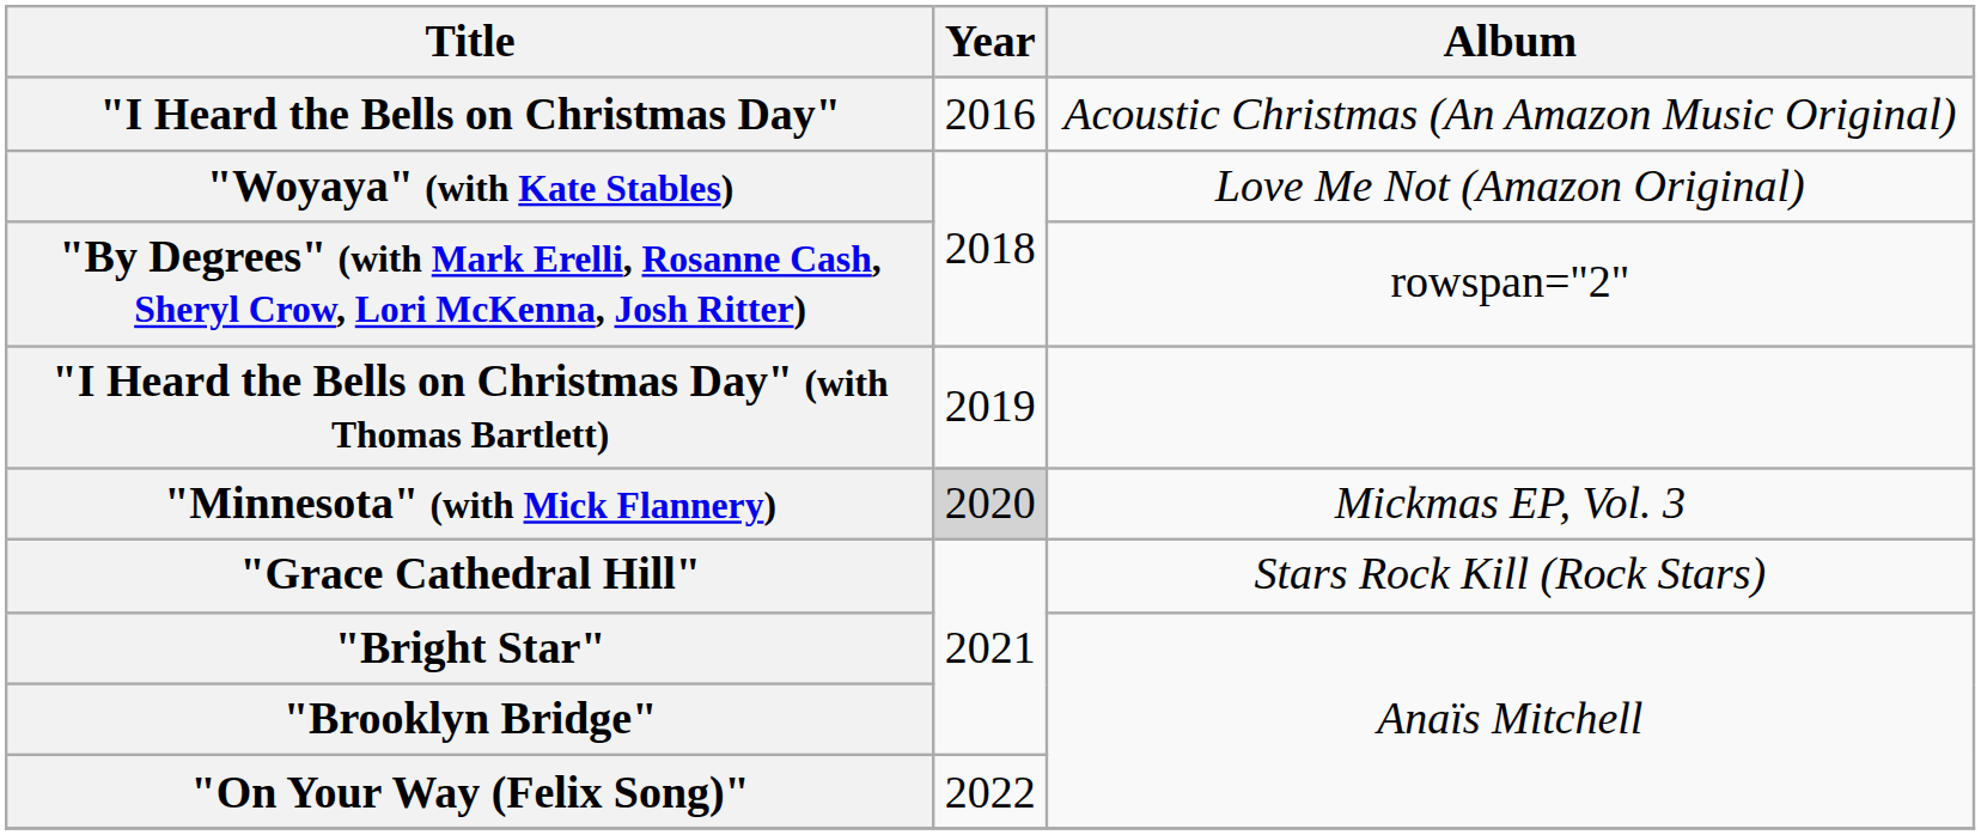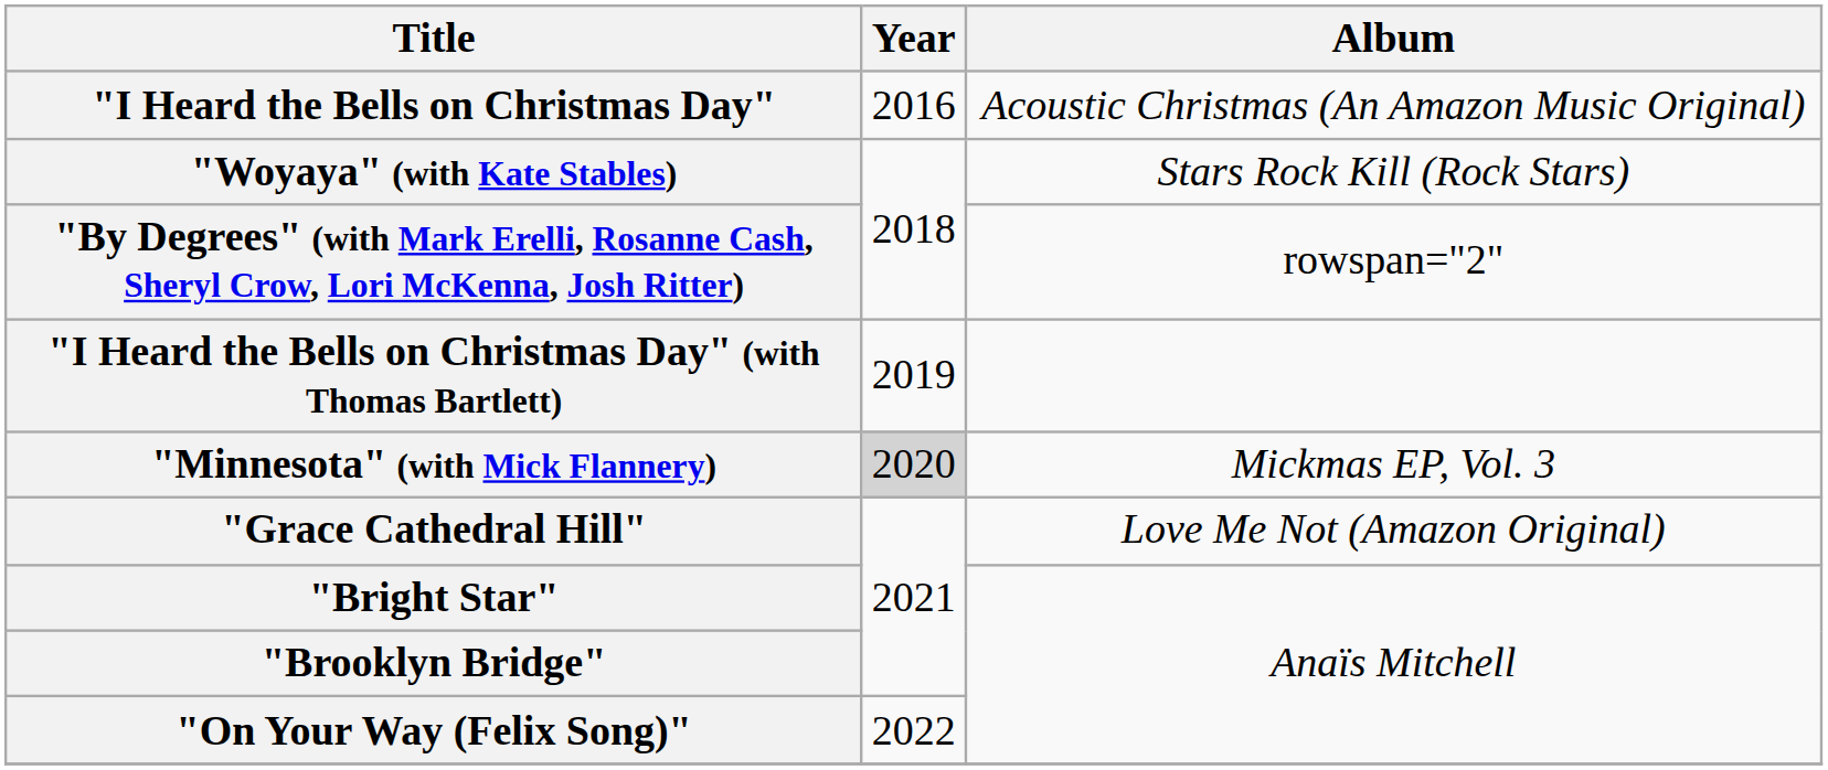 <table class="wikitable plainrowheaders" style="text-align:center;">
 <tr>
 <th scope="col" style="width:20em;">Title</th>
 <th scope="col" style="width:2em;">Year</th>
 <th scope="col" style="width:20em;">Album</th>
 </tr>
 <tr>
 <th scope="row">"I Heard the Bells on Christmas Day"</th>
 <td>2016</td>
 <td><em>Acoustic Christmas (An Amazon Music Original)</em></td>
 </tr>
 <tr>
 <th scope="row">"Woyaya" <small>(with <a href='#'>Kate Stables</a>)</small></th>
 <td rowspan="2">2018</td>
-<td><em>Love Me Not (Amazon Original)</em></td>
+<td><em>Stars Rock Kill (Rock Stars)</em></td>
 </tr>
 <tr>
 <th scope="row">"By Degrees" <small>(with <a href='#'>Mark Erelli</a>, <a href='#'>Rosanne Cash</a>, <a href='#'>Sheryl Crow</a>, <a href='#'>Lori McKenna</a>, <a href='#'>Josh Ritter</a>)</small></th>
 <td>rowspan="2" </td>
 </tr>
 <tr>
 <th scope="row">"I Heard the Bells on Christmas Day" <small>(with Thomas Bartlett)</small></th>
 <td>2019</td>
 </tr>
 <tr>
 <th scope="row">"Minnesota" <small>(with <a href='#'>Mick Flannery</a>)</small></th>
 <td style="background: lightgrey;">2020</td>
 <td><em>Mickmas EP, Vol. 3</em></td>
 </tr>
 <tr>
 <th scope="row">"Grace Cathedral Hill"</th>
 <td rowspan="3">2021</td>
-<td><em>Stars Rock Kill (Rock Stars)</em></td>
+<td><em>Love Me Not (Amazon Original)</em></td>
 </tr>
 <tr>
 <th scope="row">"Bright Star"</th>
 <td rowspan="3"><em>Anaïs Mitchell</em></td>
 </tr>
 <tr>
 <th scope="row">"Brooklyn Bridge"</th>
 </tr>
 <tr>
 <th scope="row">"On Your Way (Felix Song)"</th>
 <td>2022</td>
 </tr>
 <tr>
 </tr>
 </table>
